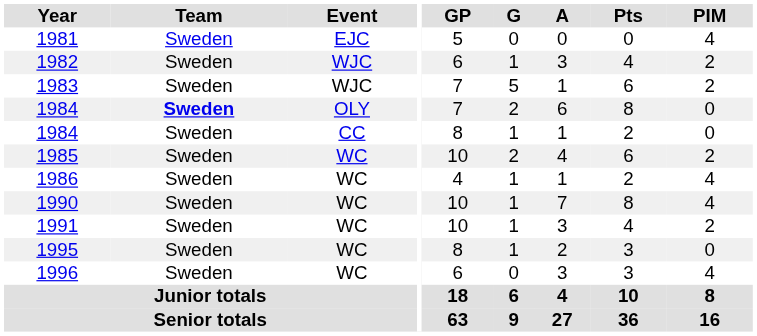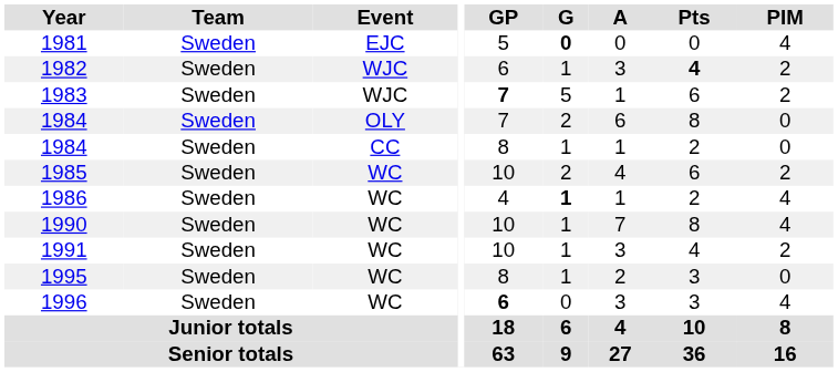 <table border="0" cellpadding="1" cellspacing="0" ID="Table3" style="text-align:center; width:40em">
 <tr bgcolor="#e0e0e0">
 <th>Year</th>
 <th>Team</th>
 <th>Event</th>
 <th rowspan="102" bgcolor="#ffffff"></th>
 <th>GP</th>
 <th>G</th>
 <th>A</th>
 <th>Pts</th>
 <th>PIM</th>
 </tr>
 <tr>
 <td><a href='#'>1981</a></td>
 <td><a href='#'>Sweden</a></td>
 <td><a href='#'>EJC</a></td>
 <td>5</td>
-<td>0</td>
+<td><strong>0</strong></td>
 <td>0</td>
 <td>0</td>
 <td>4</td>
 </tr>
 <tr bgcolor="#f0f0f0">
 <td><a href='#'>1982</a></td>
 <td>Sweden</td>
 <td><a href='#'>WJC</a></td>
 <td>6</td>
 <td>1</td>
 <td>3</td>
-<td>4</td>
+<td><strong>4</strong></td>
 <td>2</td>
 </tr>
 <tr>
 <td><a href='#'>1983</a></td>
 <td>Sweden</td>
 <td>WJC</td>
-<td>7</td>
+<td><strong>7</strong></td>
 <td>5</td>
 <td>1</td>
 <td>6</td>
 <td>2</td>
 </tr>
 <tr bgcolor="#f0f0f0">
 <td><a href='#'>1984</a></td>
-<td><strong><a href='#'>Sweden</a></strong></td>
+<td><a href='#'>Sweden</a></td>
 <td><a href='#'>OLY</a></td>
 <td>7</td>
 <td>2</td>
 <td>6</td>
 <td>8</td>
 <td>0</td>
 </tr>
 <tr>
 <td><a href='#'>1984</a></td>
 <td>Sweden</td>
 <td><a href='#'>CC</a></td>
 <td>8</td>
 <td>1</td>
 <td>1</td>
 <td>2</td>
 <td>0</td>
 </tr>
 <tr bgcolor="#f0f0f0">
 <td><a href='#'>1985</a></td>
 <td>Sweden</td>
 <td><a href='#'>WC</a></td>
 <td>10</td>
 <td>2</td>
 <td>4</td>
 <td>6</td>
 <td>2</td>
 </tr>
 <tr>
 <td><a href='#'>1986</a></td>
 <td>Sweden</td>
 <td>WC</td>
 <td>4</td>
-<td>1</td>
+<td><strong>1</strong></td>
 <td>1</td>
 <td>2</td>
 <td>4</td>
 </tr>
 <tr bgcolor="#f0f0f0">
 <td><a href='#'>1990</a></td>
 <td>Sweden</td>
 <td>WC</td>
 <td>10</td>
 <td>1</td>
 <td>7</td>
 <td>8</td>
 <td>4</td>
 </tr>
 <tr>
 <td><a href='#'>1991</a></td>
 <td>Sweden</td>
 <td>WC</td>
 <td>10</td>
 <td>1</td>
 <td>3</td>
 <td>4</td>
 <td>2</td>
 </tr>
 <tr bgcolor="#f0f0f0">
 <td><a href='#'>1995</a></td>
 <td>Sweden</td>
 <td>WC</td>
 <td>8</td>
 <td>1</td>
 <td>2</td>
 <td>3</td>
 <td>0</td>
 </tr>
 <tr>
 <td><a href='#'>1996</a></td>
 <td>Sweden</td>
 <td>WC</td>
-<td>6</td>
+<td><strong>6</strong></td>
 <td>0</td>
 <td>3</td>
 <td>3</td>
 <td>4</td>
 </tr>
 <tr bgcolor="#e0e0e0">
 <th colspan="3">Junior totals</th>
 <th>18</th>
 <th>6</th>
 <th>4</th>
 <th>10</th>
 <th>8</th>
 </tr>
 <tr bgcolor="#e0e0e0">
 <th colspan="3">Senior totals</th>
 <th>63</th>
 <th>9</th>
 <th>27</th>
 <th>36</th>
 <th>16</th>
 </tr>
 </table>
